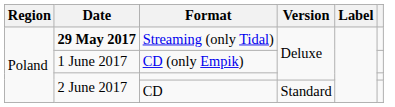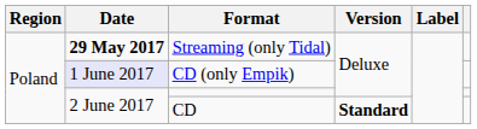 <table class="wikitable">
 <tr>
 <th>Region</th>
 <th>Date</th>
 <th>Format</th>
 <th>Version</th>
 <th>Label</th>
 <th></th>
 </tr>
 <tr>
 <td rowspan="4">Poland</td>
 <td><strong>29 May 2017</strong></td>
 <td><a href='#'>Streaming</a> (only <a href='#'>Tidal</a>)</td>
 <td rowspan="3">Deluxe</td>
 <td rowspan="4"></td>
 <td align="center"></td>
 </tr>
 <tr>
-<td>1 June 2017</td>
+<td style="background: lavender;">1 June 2017</td>
 <td><a href='#'>CD</a> (only <a href='#'>Empik</a>)</td>
 <td align="center"></td>
 </tr>
 <tr>
 <td rowspan="2">2 June 2017</td>
 <td></td>
 <td align="center"></td>
 </tr>
 <tr>
 <td>CD</td>
-<td>Standard</td>
+<td><strong>Standard</strong></td>
 <td align="center"></td>
 </tr>
 </table>
